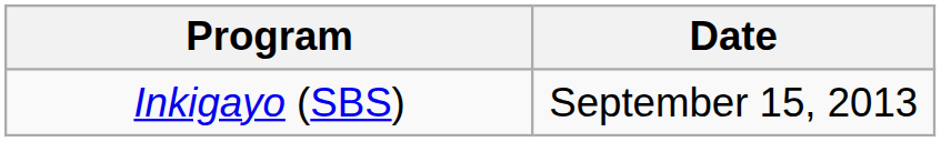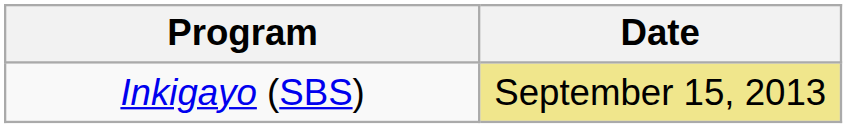 <table class="wikitable" style="text-align:center;">
 <tr>
 <th style="width:200px;">Program</th>
 <th style="width:150px;">Date</th>
 </tr>
 <tr>
 <td><em><a href='#'>Inkigayo</a></em> (<a href='#'>SBS</a>)</td>
-<td>September 15, 2013</td>
+<td style="background: khaki;">September 15, 2013</td>
 </tr>
 </table>
